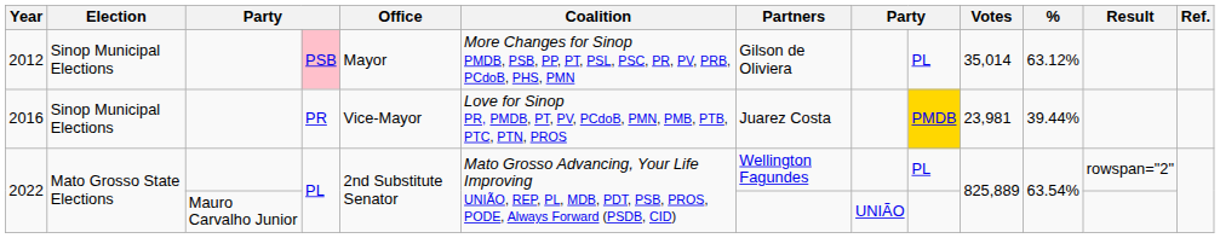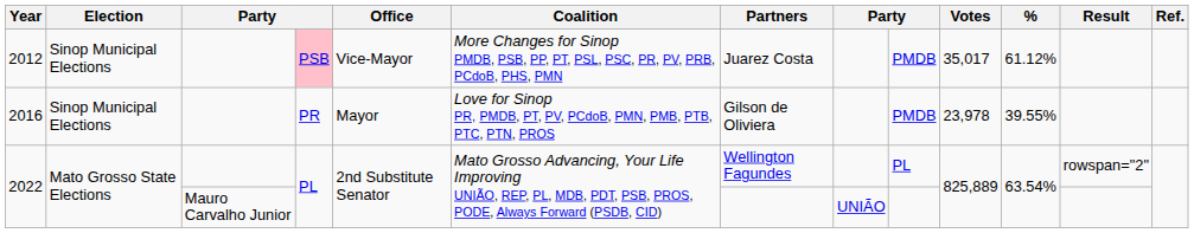 <table class="wikitable">
 <tr>
 <th>Year</th>
 <th>Election</th>
 <th colspan="2">Party</th>
 <th>Office</th>
 <th>Coalition</th>
 <th>Partners</th>
 <th colspan="2">Party</th>
 <th>Votes</th>
 <th>%</th>
 <th>Result</th>
 <th>Ref.</th>
 </tr>
 <tr>
 <td>2012</td>
 <td>Sinop Municipal Elections</td>
 <td style="background-color:"></td>
 <td style="background: pink;"><a href='#'>PSB</a></td>
-<td>Mayor</td>
+<td>Vice-Mayor</td>
 <td><em>More Changes for Sinop</em><br><small><a href='#'>PMDB</a>, <a href='#'>PSB</a>, <a href='#'>PP</a>, <a href='#'>PT</a>, <a href='#'>PSL</a>, <a href='#'>PSC</a>, <a href='#'>PR</a>, <a href='#'>PV</a>, <a href='#'>PRB</a>, <a href='#'>PCdoB</a>, <a href='#'>PHS</a>, <a href='#'>PMN</a></small></td>
-<td>Gilson de Oliviera</td>
+<td>Juarez Costa</td>
 <td style="background-color:"></td>
-<td><a href='#'>PL</a></td>
-<td>35,014</td>
-<td>63.12%</td>
+<td><a href='#'>PMDB</a></td>
+<td>35,017</td>
+<td>61.12%</td>
 <td></td>
 <td></td>
 </tr>
 <tr>
 <td>2016</td>
 <td>Sinop Municipal Elections</td>
 <td style="background-color:"></td>
 <td><a href='#'>PR</a></td>
-<td>Vice-Mayor</td>
+<td>Mayor</td>
 <td><em>Love for Sinop</em><br><a href='#'><small>PR,</small></a> <small><a href='#'>PMDB</a>, <a href='#'>PT</a>, <a href='#'>PV</a>, <a href='#'>PCdoB</a>, <a href='#'>PMN</a>, <a href='#'>PMB</a>, <a href='#'>PTB</a>, <a href='#'>PTC</a>, <a href='#'>PTN</a>, <a href='#'>PROS</a></small></td>
-<td>Juarez Costa</td>
+<td>Gilson de Oliviera</td>
 <td style="background-color:"></td>
-<td style="background: gold;"><a href='#'>PMDB</a></td>
-<td>23,981</td>
-<td>39.44%</td>
+<td><a href='#'>PMDB</a></td>
+<td>23,978</td>
+<td>39.55%</td>
 <td></td>
 <td></td>
 </tr>
 <tr>
 <td rowspan="2">2022</td>
 <td rowspan="2">Mato Grosso State Elections</td>
 <td style="background-color:"></td>
 <td rowspan="2"><a href='#'>PL</a></td>
 <td rowspan="2">2nd Substitute Senator</td>
 <td rowspan="2"><em>Mato Grosso Advancing, Your Life Improving</em><br><small><a href='#'>UNIÃO</a>, <a href='#'>REP</a>, <a href='#'>PL</a>, <a href='#'>MDB</a>, <a href='#'>PDT</a>, <a href='#'>PSB</a>, <a href='#'>PROS</a>, <a href='#'>PODE</a>, <a href='#'>Always Forward</a> (<a href='#'>PSDB</a>, <a href='#'>CID</a>)</small></td>
 <td><a href='#'>Wellington Fagundes</a></td>
 <td style="background-color:"></td>
 <td><a href='#'>PL</a></td>
 <td rowspan="2">825,889</td>
 <td rowspan="2">63.54%</td>
 <td>rowspan="2"  </td>
 <td rowspan="2"></td>
 </tr>
 <tr>
 <td>Mauro Carvalho Junior</td>
 <td style="background-color:"></td>
 <td><a href='#'>UNIÃO</a></td>
 </tr>
 </table>
